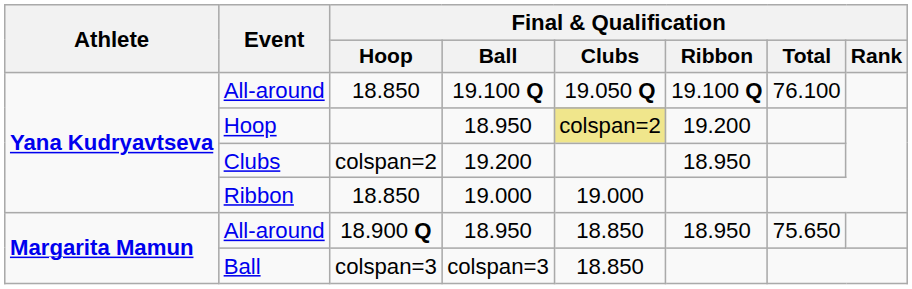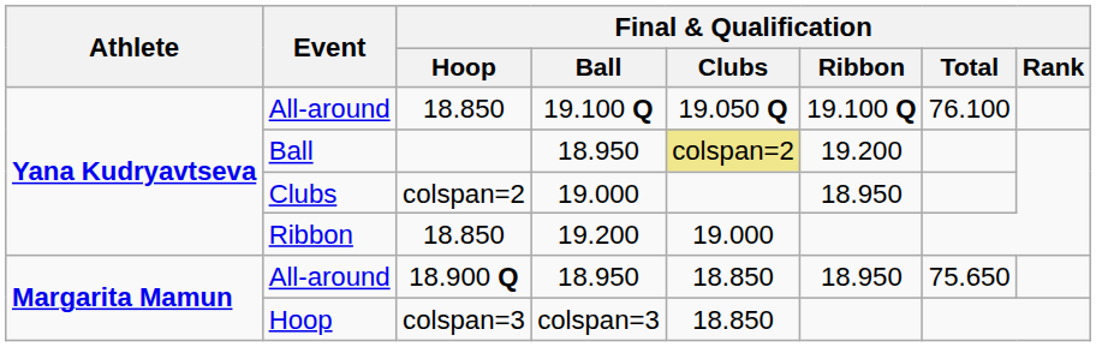 <table class="wikitable" style="text-align:center; font-size:90%">
 <tr>
 <th rowspan=2>Athlete</th>
 <th rowspan=2>Event</th>
 <th colspan=6>Final & Qualification</th>
 </tr>
 <tr style="font-size:95%">
 <th>Hoop</th>
 <th>Ball</th>
 <th>Clubs</th>
 <th>Ribbon</th>
 <th>Total</th>
 <th>Rank</th>
 </tr>
 <tr>
 <td rowspan=4 align=left><strong><a href='#'>Yana Kudryavtseva</a></strong></td>
 <td align=left><a href='#'>All-around</a></td>
 <td>18.850</td>
 <td>19.100 <strong>Q</strong></td>
 <td>19.050 <strong>Q</strong></td>
 <td>19.100 <strong>Q</strong></td>
 <td>76.100</td>
 <td></td>
 </tr>
 <tr>
-<td align=left><a href='#'>Hoop</a></td>
+<td align=left><a href='#'>Ball</a></td>
 <td></td>
 <td>18.950</td>
 <td style="background: khaki;">colspan=2 </td>
 <td>19.200</td>
 <td></td>
 </tr>
 <tr>
 <td align=left><a href='#'>Clubs</a></td>
 <td>colspan=2 </td>
-<td>19.200</td>
+<td>19.000</td>
 <td></td>
 <td>18.950</td>
 <td></td>
 </tr>
 <tr>
 <td align=left><a href='#'>Ribbon</a></td>
 <td>18.850</td>
-<td>19.000</td>
+<td>19.200</td>
 <td>19.000</td>
 <td></td>
 </tr>
 <tr>
 <td rowspan=2 align=left><strong><a href='#'>Margarita Mamun</a></strong></td>
 <td align=left><a href='#'>All-around</a></td>
 <td>18.900 <strong>Q</strong></td>
 <td>18.950</td>
 <td>18.850</td>
 <td>18.950</td>
 <td>75.650</td>
 <td></td>
 </tr>
 <tr>
-<td align=left><a href='#'>Ball</a></td>
+<td align=left><a href='#'>Hoop</a></td>
 <td>colspan=3 </td>
 <td>colspan=3 </td>
 <td>18.850</td>
 <td></td>
 </tr>
 </table>
